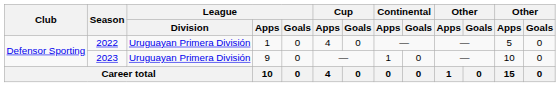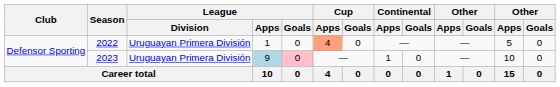 <table class="wikitable" Style="text-align: center">
 <tr>
 <th rowspan="2">Club</th>
 <th rowspan="2">Season</th>
 <th colspan="3">League</th>
 <th colspan="2">Cup</th>
 <th colspan="2">Continental</th>
 <th colspan="2">Other</th>
 <th colspan="2">Other</th>
 </tr>
 <tr>
 <th>Division</th>
 <th>Apps</th>
 <th>Goals</th>
 <th>Apps</th>
 <th>Goals</th>
 <th>Apps</th>
 <th>Goals</th>
 <th>Apps</th>
 <th>Goals</th>
 <th>Apps</th>
 <th>Goals</th>
 </tr>
 <tr>
 <td rowspan="2"><a href='#'>Defensor Sporting</a></td>
 <td><a href='#'>2022</a></td>
 <td><a href='#'>Uruguayan Primera División</a></td>
 <td>1</td>
 <td>0</td>
-<td>4</td>
+<td style="background: lightsalmon;">4</td>
 <td>0</td>
 <td colspan="2">—</td>
 <td colspan="2">—</td>
 <td>5</td>
 <td>0</td>
 </tr>
 <tr>
 <td><a href='#'>2023</a></td>
 <td><a href='#'>Uruguayan Primera División</a></td>
-<td>9</td>
-<td>0</td>
+<td style="background: lightblue;">9</td>
+<td style="background: pink;">0</td>
 <td colspan="2">—</td>
 <td>1</td>
 <td>0</td>
 <td colspan="2">—</td>
 <td>10</td>
 <td>0</td>
 </tr>
 <tr>
 <th colspan="3">Career total</th>
 <th>10</th>
 <th>0</th>
 <th>4</th>
 <th>0</th>
 <th>0</th>
 <th>0</th>
 <th>1</th>
 <th>0</th>
 <th>15</th>
 <th>0</th>
 </tr>
 </table>
